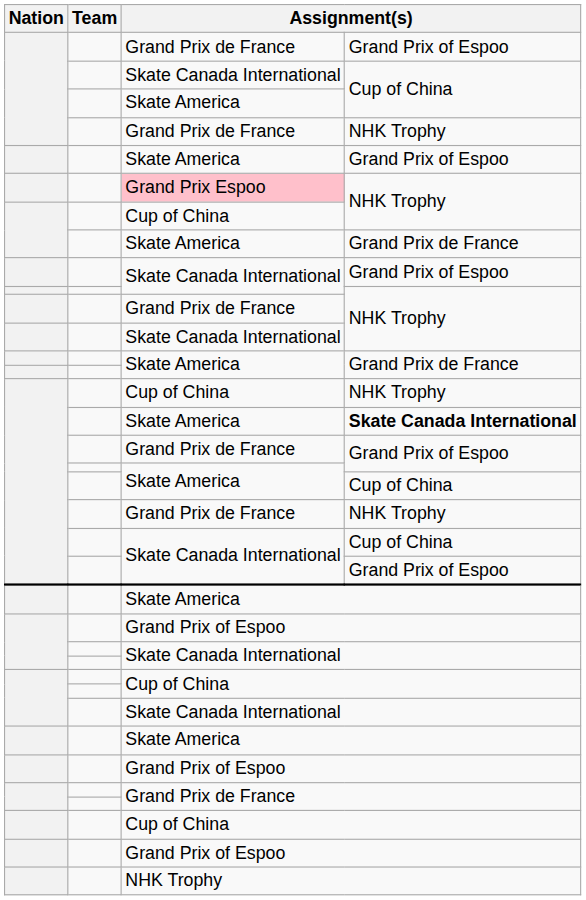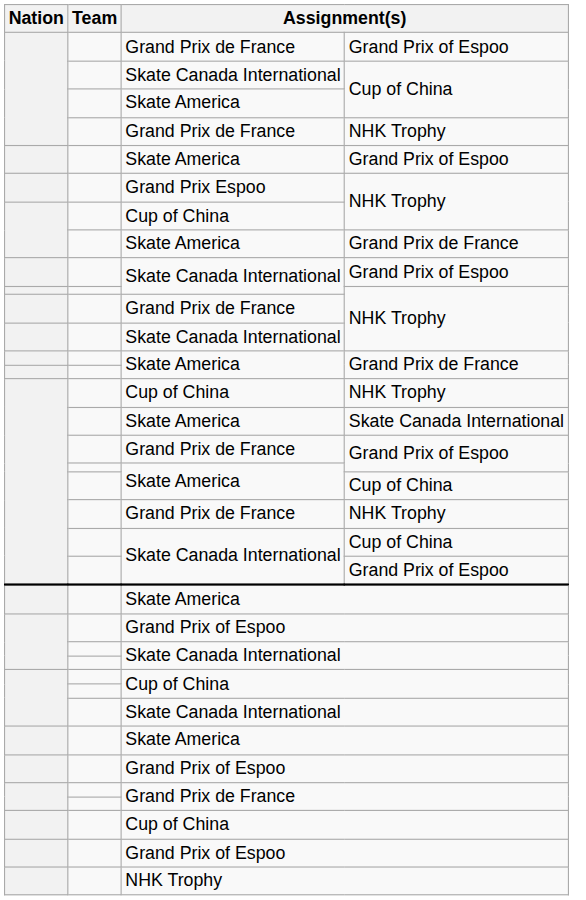 <table class="wikitable unsortable" style="text-align:left">
 <tr>
 <th scope="col">Nation</th>
 <th scope="col">Team</th>
 <th scope="col" colspan="2">Assignment(s)</th>
 </tr>
 <tr>
 <th rowspan="4" scope="row" style="text-align:left"></th>
 <td></td>
 <td>Grand Prix de France</td>
 <td>Grand Prix of Espoo</td>
 </tr>
 <tr>
 <td></td>
 <td>Skate Canada International</td>
 <td rowspan="2">Cup of China</td>
 </tr>
 <tr>
 <td></td>
 <td>Skate America</td>
 </tr>
 <tr>
 <td></td>
 <td>Grand Prix de France</td>
 <td>NHK Trophy</td>
 </tr>
 <tr>
 <th scope="row" style="text-align:left"></th>
 <td></td>
 <td>Skate America</td>
 <td>Grand Prix of Espoo</td>
 </tr>
 <tr>
 <th scope="row" style="text-align:left"></th>
 <td></td>
-<td style="background: pink;">Grand Prix Espoo</td>
+<td>Grand Prix Espoo</td>
 <td rowspan="2">NHK Trophy</td>
 </tr>
 <tr>
 <th rowspan="2" scope="row" style="text-align:left"></th>
 <td></td>
 <td>Cup of China</td>
 </tr>
 <tr>
 <td></td>
 <td>Skate America</td>
 <td>Grand Prix de France</td>
 </tr>
 <tr>
 <th scope="row" style="text-align:left"></th>
 <td></td>
 <td rowspan="2">Skate Canada International</td>
 <td>Grand Prix of Espoo</td>
 </tr>
 <tr>
 <th scope="row" style="text-align:left"></th>
 <td></td>
 <td rowspan="3">NHK Trophy</td>
 </tr>
 <tr>
 <th scope="row" style="text-align:left"></th>
 <td></td>
 <td>Grand Prix de France</td>
 </tr>
 <tr>
 <th scope="row" style="text-align:left"></th>
 <td></td>
 <td>Skate Canada International</td>
 </tr>
 <tr>
 <th scope="row" style="text-align:left"></th>
 <td></td>
 <td rowspan="2">Skate America</td>
 <td rowspan="2">Grand Prix de France</td>
 </tr>
 <tr>
 <th scope="row" style="text-align:left"></th>
 <td></td>
 </tr>
 <tr>
 <th rowspan="8" scope="row" style="text-align:left"></th>
 <td></td>
 <td>Cup of China</td>
 <td>NHK Trophy</td>
 </tr>
 <tr>
 <td></td>
 <td>Skate America</td>
-<td><strong>Skate Canada International</strong></td>
+<td>Skate Canada International</td>
 </tr>
 <tr>
 <td></td>
 <td>Grand Prix de France</td>
 <td rowspan="2">Grand Prix of Espoo</td>
 </tr>
 <tr>
 <td></td>
 <td rowspan="2">Skate America</td>
 </tr>
 <tr>
 <td></td>
 <td>Cup of China</td>
 </tr>
 <tr>
 <td></td>
 <td>Grand Prix de France</td>
 <td>NHK Trophy</td>
 </tr>
 <tr>
 <td></td>
 <td rowspan="2">Skate Canada International</td>
 <td>Cup of China</td>
 </tr>
 <tr>
 <td></td>
 <td>Grand Prix of Espoo</td>
 </tr>
 <tr style="border-top:2.5px solid">
 <th scope="row" style="text-align:left"></th>
 <td></td>
 <td colspan="2">Skate America</td>
 </tr>
 <tr>
 <th rowspan="3" scope="row" style="text-align:left"></th>
 <td></td>
 <td colspan="2">Grand Prix of Espoo</td>
 </tr>
 <tr>
 <td></td>
 <td colspan="2" rowspan="2">Skate Canada International</td>
 </tr>
 <tr>
 <td></td>
 </tr>
 <tr>
 <th rowspan="3" scope="row" style="text-align:left"></th>
 <td></td>
 <td colspan="2" rowspan="2">Cup of China</td>
 </tr>
 <tr>
 <td></td>
 </tr>
 <tr>
 <td></td>
 <td colspan="2">Skate Canada International</td>
 </tr>
 <tr>
 <th scope="row" style="text-align:left"></th>
 <td></td>
 <td colspan="2">Skate America</td>
 </tr>
 <tr>
 <th scope="row" style="text-align:left"></th>
 <td></td>
 <td colspan="2">Grand Prix of Espoo</td>
 </tr>
 <tr>
 <th rowspan="2" scope="row" style="text-align:left"></th>
 <td></td>
 <td colspan="2" rowspan="2">Grand Prix de France</td>
 </tr>
 <tr>
 <td></td>
 </tr>
 <tr>
 <th scope="row" style="text-align:left"></th>
 <td></td>
 <td colspan="2">Cup of China</td>
 </tr>
 <tr>
 <th scope="row" style="text-align:left"></th>
 <td></td>
 <td colspan="2">Grand Prix of Espoo</td>
 </tr>
 <tr>
 <th scope="row" style="text-align:left"></th>
 <td></td>
 <td colspan="2">NHK Trophy</td>
 </tr>
 </table>
